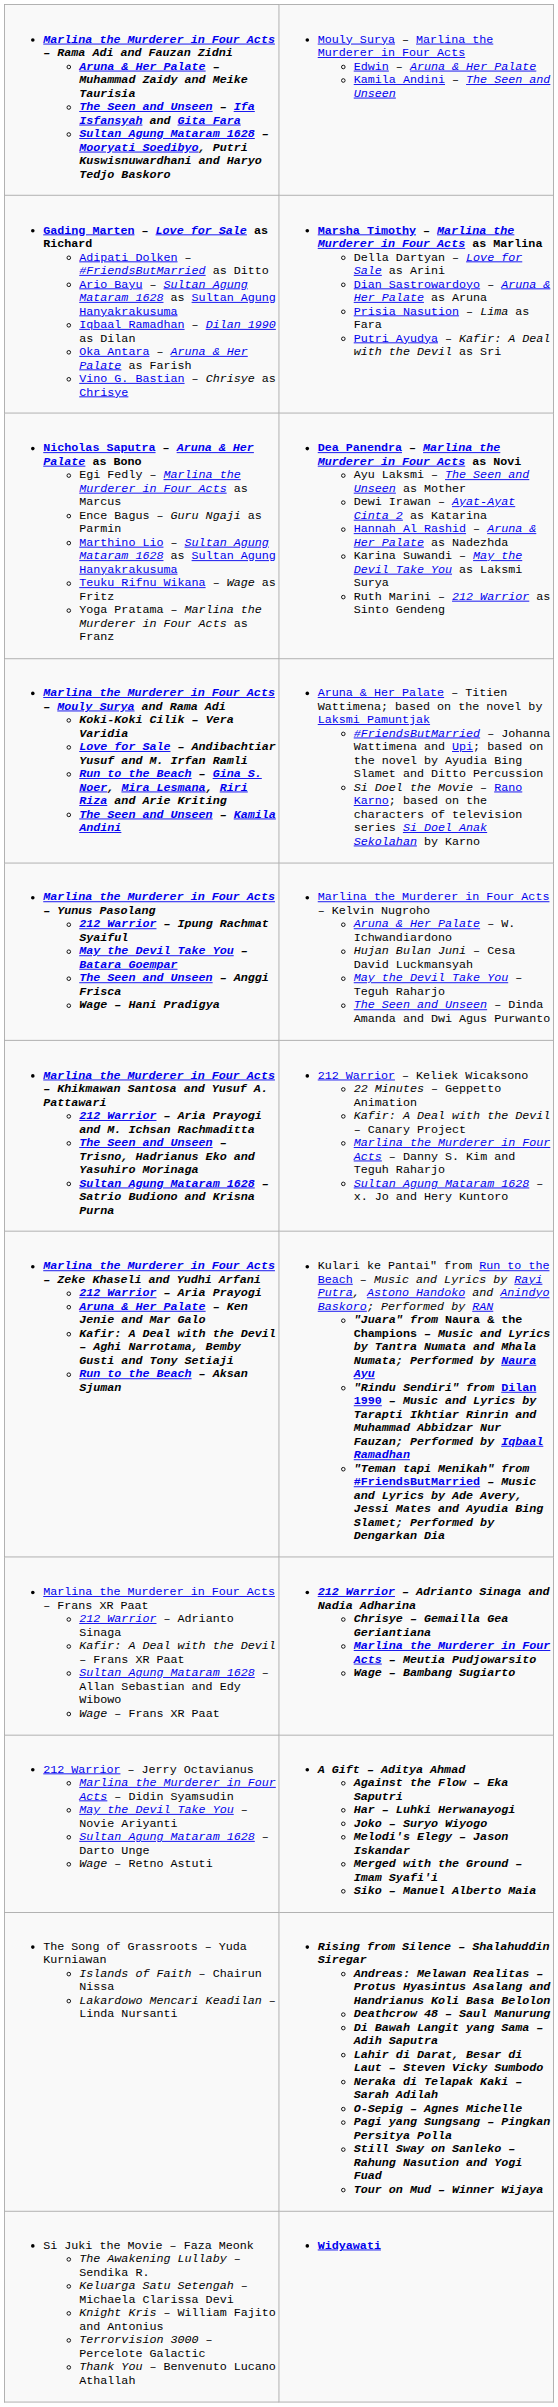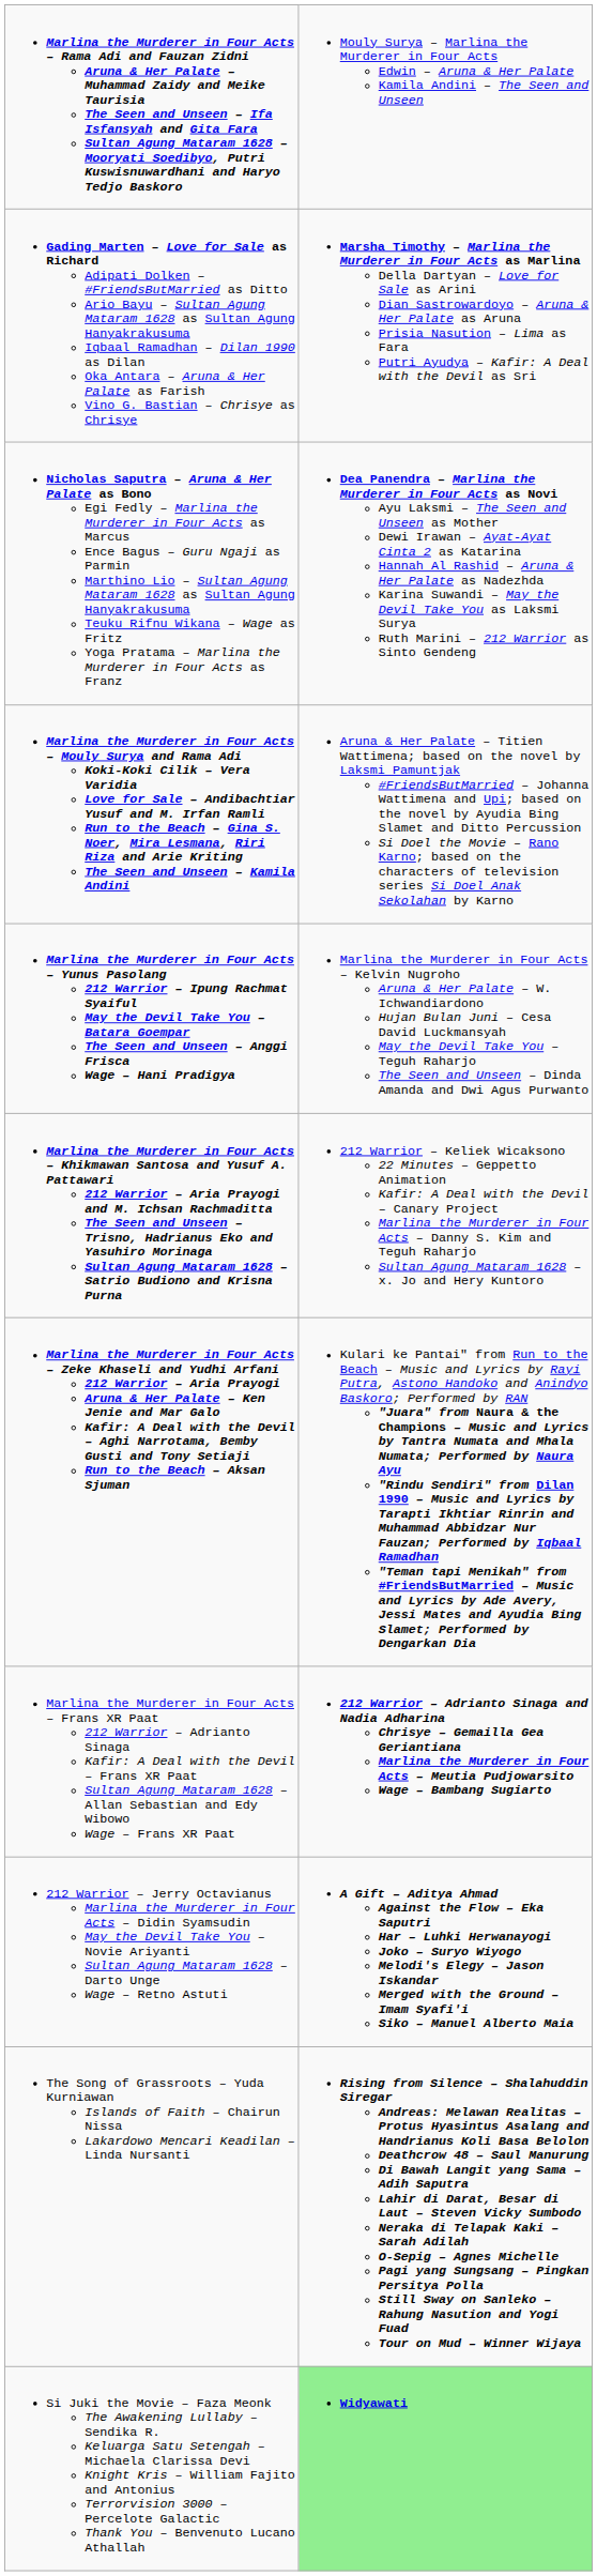 <table class="wikitable" role="presentation">
 <tr>
 <td style="vertical-align:top; width:50%;"><br><ul><li><strong><em><a href='#'>Marlina the Murderer in Four Acts</a><em> – Rama Adi and Fauzan Zidni<strong><ul><li></em><a href='#'>Aruna & Her Palate</a><em> – Muhammad Zaidy and Meike Taurisia</li><li></em><a href='#'>The Seen and Unseen</a><em> – <a href='#'>Ifa Isfansyah</a> and <a href='#'>Gita Fara</a></li><li></em><a href='#'>Sultan Agung Mataram 1628</a><em> – <a href='#'>Mooryati Soedibyo</a>, Putri Kuswisnuwardhani and Haryo Tedjo Baskoro</li></ul></li></ul></td>
 <td style="vertical-align:top; width:50%;"><br><ul><li></strong><a href='#'>Mouly Surya</a> – </em><a href='#'>Marlina the Murderer in Four Acts</a></em></strong><ul><li><a href='#'>Edwin</a> – <em><a href='#'>Aruna & Her Palate</a></em></li><li><a href='#'>Kamila Andini</a> – <em><a href='#'>The Seen and Unseen</a></em></li></ul></li></ul></td>
 </tr>
 <tr>
 <td style="vertical-align:top; width:50%;"><br><ul><li><strong><a href='#'>Gading Marten</a> – <em><a href='#'>Love for Sale</a></em> as Richard</strong><ul><li><a href='#'>Adipati Dolken</a> – <em><a href='#'>#FriendsButMarried</a></em> as Ditto</li><li><a href='#'>Ario Bayu</a> – <em><a href='#'>Sultan Agung Mataram 1628</a></em> as <a href='#'>Sultan Agung Hanyakrakusuma</a></li><li><a href='#'>Iqbaal Ramadhan</a> – <em><a href='#'>Dilan 1990</a></em> as Dilan</li><li><a href='#'>Oka Antara</a> – <em><a href='#'>Aruna & Her Palate</a></em> as Farish</li><li><a href='#'>Vino G. Bastian</a> – <em>Chrisye</em> as <a href='#'>Chrisye</a></li></ul></li></ul></td>
 <td style="vertical-align:top; width:50%;"><br><ul><li><strong><a href='#'>Marsha Timothy</a> – <em><a href='#'>Marlina the Murderer in Four Acts</a></em> as Marlina</strong><ul><li>Della Dartyan – <em><a href='#'>Love for Sale</a></em> as Arini</li><li><a href='#'>Dian Sastrowardoyo</a> – <em><a href='#'>Aruna & Her Palate</a></em> as Aruna</li><li><a href='#'>Prisia Nasution</a> – <em>Lima</em> as Fara</li><li><a href='#'>Putri Ayudya</a> – <em>Kafir: A Deal with the Devil</em> as Sri</li></ul></li></ul></td>
 </tr>
 <tr>
 <td style="vertical-align:top; width:50%;"><br><ul><li><strong><a href='#'>Nicholas Saputra</a> – <em><a href='#'>Aruna & Her Palate</a></em> as Bono</strong><ul><li>Egi Fedly – <em><a href='#'>Marlina the Murderer in Four Acts</a></em> as Marcus</li><li>Ence Bagus – <em>Guru Ngaji</em> as Parmin</li><li><a href='#'>Marthino Lio</a> – <em><a href='#'>Sultan Agung Mataram 1628</a></em> as <a href='#'>Sultan Agung Hanyakrakusuma</a></li><li><a href='#'>Teuku Rifnu Wikana</a> – <em>Wage</em> as Fritz</li><li>Yoga Pratama – <em>Marlina the Murderer in Four Acts</em> as Franz</li></ul></li></ul></td>
 <td style="vertical-align:top; width:50%;"><br><ul><li><strong><a href='#'>Dea Panendra</a> – <em><a href='#'>Marlina the Murderer in Four Acts</a></em> as Novi</strong><ul><li>Ayu Laksmi – <em><a href='#'>The Seen and Unseen</a></em> as Mother</li><li>Dewi Irawan – <em><a href='#'>Ayat-Ayat Cinta 2</a></em> as Katarina</li><li><a href='#'>Hannah Al Rashid</a> – <em><a href='#'>Aruna & Her Palate</a></em> as Nadezhda</li><li>Karina Suwandi – <em><a href='#'>May the Devil Take You</a></em> as Laksmi Surya</li><li>Ruth Marini – <em><a href='#'>212 Warrior</a></em> as Sinto Gendeng</li></ul></li></ul></td>
 </tr>
 <tr>
 <td style="vertical-align:top; width:50%;"><br><ul><li><strong><em><a href='#'>Marlina the Murderer in Four Acts</a><em> – <a href='#'>Mouly Surya</a> and Rama Adi<strong><ul><li></em>Koki-Koki Cilik<em> – Vera Varidia</li><li></em><a href='#'>Love for Sale</a><em> – Andibachtiar Yusuf and M. Irfan Ramli</li><li></em><a href='#'>Run to the Beach</a><em> – <a href='#'>Gina S. Noer</a>, <a href='#'>Mira Lesmana</a>, <a href='#'>Riri Riza</a> and Arie Kriting</li><li></em><a href='#'>The Seen and Unseen</a><em> – <a href='#'>Kamila Andini</a></li></ul></li></ul></td>
 <td style="vertical-align:top; width:50%;"><br><ul><li></em></strong><a href='#'>Aruna & Her Palate</a></em> – Titien Wattimena; based on the novel by <a href='#'>Laksmi Pamuntjak</a></strong><ul><li><em><a href='#'>#FriendsButMarried</a></em> – Johanna Wattimena and <a href='#'>Upi</a>; based on the novel by Ayudia Bing Slamet and Ditto Percussion</li><li><em>Si Doel the Movie</em> – <a href='#'>Rano Karno</a>; based on the characters of television series <em><a href='#'>Si Doel Anak Sekolahan</a></em> by Karno</li></ul></li></ul></td>
 </tr>
 <tr>
 <td style="vertical-align:top; width:50%;"><br><ul><li><strong><em><a href='#'>Marlina the Murderer in Four Acts</a><em> – Yunus Pasolang<strong><ul><li></em><a href='#'>212 Warrior</a><em> – Ipung Rachmat Syaiful</li><li></em><a href='#'>May the Devil Take You</a><em> – <a href='#'>Batara Goempar</a></li><li></em><a href='#'>The Seen and Unseen</a><em> – Anggi Frisca</li><li></em>Wage<em> – Hani Pradigya</li></ul></li></ul></td>
 <td style="vertical-align:top; width:50%;"><br><ul><li></em></strong><a href='#'>Marlina the Murderer in Four Acts</a></em> – Kelvin Nugroho</strong><ul><li><em><a href='#'>Aruna & Her Palate</a></em> – W. Ichwandiardono</li><li><em>Hujan Bulan Juni</em> – Cesa David Luckmansyah</li><li><em><a href='#'>May the Devil Take You</a></em> – Teguh Raharjo</li><li><em><a href='#'>The Seen and Unseen</a></em> – Dinda Amanda and Dwi Agus Purwanto</li></ul></li></ul></td>
 </tr>
 <tr>
 <td style="vertical-align:top; width:50%;"><br><ul><li><strong><em><a href='#'>Marlina the Murderer in Four Acts</a><em> – Khikmawan Santosa and Yusuf A. Pattawari<strong><ul><li></em><a href='#'>212 Warrior</a><em> – Aria Prayogi and M. Ichsan Rachmaditta</li><li></em><a href='#'>The Seen and Unseen</a><em> – Trisno, Hadrianus Eko and Yasuhiro Morinaga</li><li></em><a href='#'>Sultan Agung Mataram 1628</a><em> – Satrio Budiono and Krisna Purna</li></ul></li></ul></td>
 <td style="vertical-align:top; width:50%;"><br><ul><li></em></strong><a href='#'>212 Warrior</a></em> – Keliek Wicaksono</strong><ul><li><em>22 Minutes</em> – Geppetto Animation</li><li><em>Kafir: A Deal with the Devil</em> – Canary Project</li><li><em><a href='#'>Marlina the Murderer in Four Acts</a></em> – Danny S. Kim and Teguh Raharjo</li><li><em><a href='#'>Sultan Agung Mataram 1628</a></em> – x. Jo and Hery Kuntoro</li></ul></li></ul></td>
 </tr>
 <tr>
 <td style="vertical-align:top; width:50%;"><br><ul><li><strong><em><a href='#'>Marlina the Murderer in Four Acts</a><em> – Zeke Khaseli and Yudhi Arfani<strong><ul><li></em><a href='#'>212 Warrior</a><em> – Aria Prayogi</li><li></em><a href='#'>Aruna & Her Palate</a><em> – Ken Jenie and Mar Galo</li><li></em>Kafir: A Deal with the Devil<em> – Aghi Narrotama, Bemby Gusti and Tony Setiaji</li><li></em><a href='#'>Run to the Beach</a><em> – Aksan Sjuman</li></ul></li></ul></td>
 <td style="vertical-align:top; width:50%;"><br><ul><li></strong>Kulari ke Pantai" from </em><a href='#'>Run to the Beach</a><em> – Music and Lyrics by <a href='#'>Rayi Putra</a>, <a href='#'>Astono Handoko</a> and <a href='#'>Anindyo Baskoro</a>; Performed by <a href='#'>RAN</a><strong><ul><li>"Juara" from </em>Naura & the Champions<em> – Music and Lyrics by Tantra Numata and Mhala Numata; Performed by <a href='#'>Naura Ayu</a></li><li>"Rindu Sendiri" from </em><a href='#'>Dilan 1990</a><em> – Music and Lyrics by Tarapti Ikhtiar Rinrin and Muhammad Abbidzar Nur Fauzan; Performed by <a href='#'>Iqbaal Ramadhan</a></li><li>"Teman tapi Menikah" from </em><a href='#'>#FriendsButMarried</a><em> – Music and Lyrics by Ade Avery, Jessi Mates and Ayudia Bing Slamet; Performed by Dengarkan Dia</li></ul></li></ul></td>
 </tr>
 <tr>
 <td style="vertical-align:top; width:50%;"><br><ul><li></em></strong><a href='#'>Marlina the Murderer in Four Acts</a></em> – Frans XR Paat</strong><ul><li><em><a href='#'>212 Warrior</a></em> – Adrianto Sinaga</li><li><em>Kafir: A Deal with the Devil</em> – Frans XR Paat</li><li><em><a href='#'>Sultan Agung Mataram 1628</a></em> – Allan Sebastian and Edy Wibowo</li><li><em>Wage</em> – Frans XR Paat</li></ul></li></ul></td>
 <td style="vertical-align:top; width:50%;"><br><ul><li><strong><em><a href='#'>212 Warrior</a><em> – Adrianto Sinaga and Nadia Adharina<strong><ul><li></em>Chrisye<em> – Gemailla Gea Geriantiana</li><li></em><a href='#'>Marlina the Murderer in Four Acts</a><em> – Meutia Pudjowarsito</li><li></em>Wage<em> – Bambang Sugiarto</li></ul></li></ul></td>
 </tr>
 <tr>
 <td style="vertical-align:top; width:50%;"><br><ul><li></em></strong><a href='#'>212 Warrior</a></em> – Jerry Octavianus</strong><ul><li><em><a href='#'>Marlina the Murderer in Four Acts</a></em> – Didin Syamsudin</li><li><em><a href='#'>May the Devil Take You</a></em> – Novie Ariyanti</li><li><em><a href='#'>Sultan Agung Mataram 1628</a></em> – Darto Unge</li><li><em>Wage</em> – Retno Astuti</li></ul></li></ul></td>
 <td style="vertical-align:top; width:50%;"><br><ul><li><strong><em>A Gift<em> – Aditya Ahmad<strong><ul><li></em>Against the Flow<em> – Eka Saputri</li><li></em>Har<em> – Luhki Herwanayogi</li><li></em>Joko<em> – Suryo Wiyogo</li><li></em>Melodi's Elegy<em> – Jason Iskandar</li><li></em>Merged with the Ground<em> – Imam Syafi'i</li><li></em>Siko<em> – Manuel Alberto Maia</li></ul></li></ul></td>
 </tr>
 <tr>
 <td style="vertical-align:top; width:50%;"><br><ul><li></em></strong>The Song of Grassroots</em> – Yuda Kurniawan</strong><ul><li><em>Islands of Faith</em> – Chairun Nissa</li><li><em>Lakardowo Mencari Keadilan</em> – Linda Nursanti</li></ul></li></ul></td>
 <td style="vertical-align:top; width:50%;"><br><ul><li><strong><em>Rising from Silence<em> – Shalahuddin Siregar<strong><ul><li></em>Andreas: Melawan Realitas<em> – Protus Hyasintus Asalang and Handrianus Koli Basa Belolon</li><li></em>Deathcrow 48<em> – Saul Manurung</li><li></em>Di Bawah Langit yang Sama<em> – Adih Saputra</li><li></em>Lahir di Darat, Besar di Laut<em> – Steven Vicky Sumbodo</li><li></em>Neraka di Telapak Kaki<em> – Sarah Adilah</li><li></em>O-Sepig<em> – Agnes Michelle</li><li></em>Pagi yang Sungsang<em> – Pingkan Persitya Polla</li><li></em>Still Sway on Sanleko<em> – Rahung Nasution and Yogi Fuad</li><li></em>Tour on Mud<em> – Winner Wijaya</li></ul></li></ul></td>
 </tr>
 <tr>
 <td style="vertical-align:top; width:50%;"><br><ul><li></em></strong>Si Juki the Movie</em> – Faza Meonk</strong><ul><li><em>The Awakening Lullaby</em> – Sendika R.</li><li><em>Keluarga Satu Setengah</em> – Michaela Clarissa Devi</li><li><em>Knight Kris</em> – William Fajito and Antonius</li><li><em>Terrorvision 3000</em> – Percelote Galactic</li><li><em>Thank You</em> – Benvenuto Lucano Athallah</li></ul></li></ul></td>
-<td style="vertical-align:top; width:50%;"><br><ul><li><strong><a href='#'>Widyawati</a></strong></li></ul></td>
+<td style="background: lightgreen; vertical-align:top; width:50%;"><br><ul><li><strong><a href='#'>Widyawati</a></strong></li></ul></td>
 </tr>
 </table>
